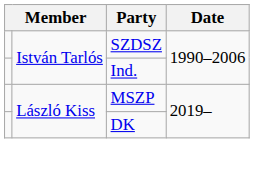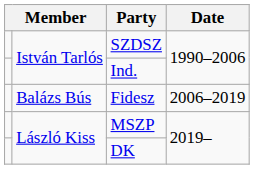 <table class=wikitable>
 <tr>
 <th colspan=2>Member</th>
 <th>Party</th>
 <th>Date</th>
 </tr>
 <tr>
 <td style="background-color:"></td>
 <td rowspan=2><a href='#'>István Tarlós</a></td>
 <td><a href='#'>SZDSZ</a></td>
 <td rowspan=2>1990–2006</td>
 </tr>
 <tr>
 <td style="background-color:"></td>
 <td><a href='#'>Ind.</a></td>
 </tr>
 <tr>
 <td style="background-color:"></td>
+<td><a href='#'>Balázs Bús</a></td>
+<td><a href='#'>Fidesz</a></td>
+<td>2006–2019</td>
+</tr>
+<tr>
+<td style="background-color:"></td>
 <td rowspan=2><a href='#'>László Kiss</a></td>
 <td><a href='#'>MSZP</a></td>
 <td rowspan=2>2019–</td>
 </tr>
 <tr>
 <td style="background-color:"></td>
 <td><a href='#'>DK</a></td>
 </tr>
 </table>
